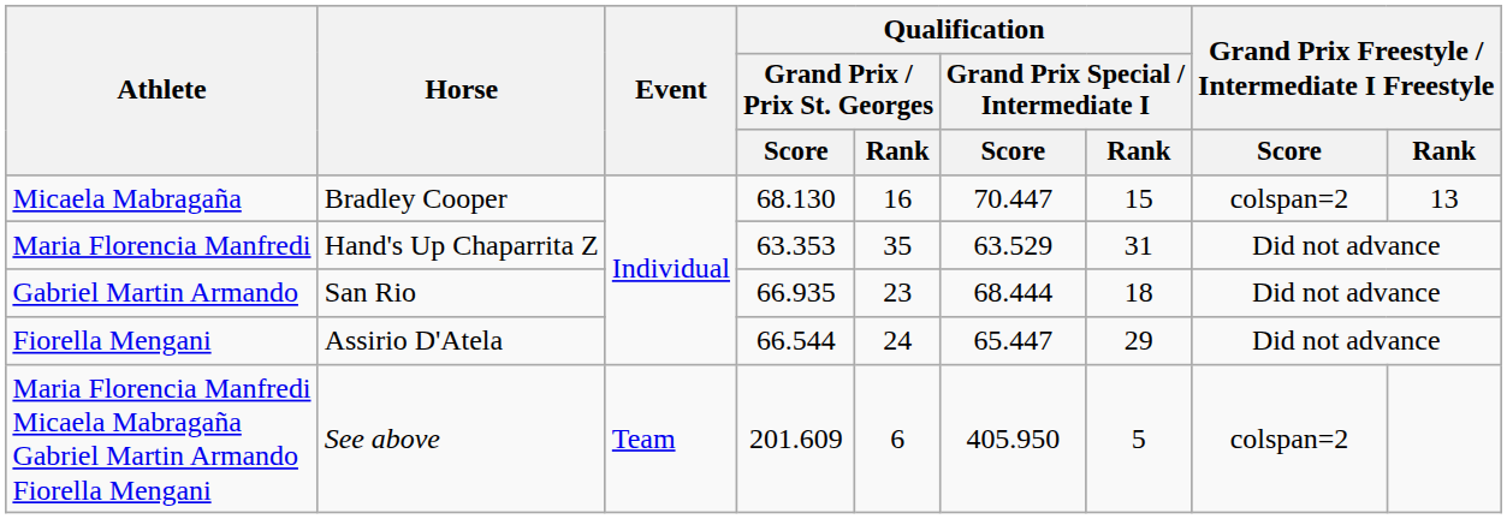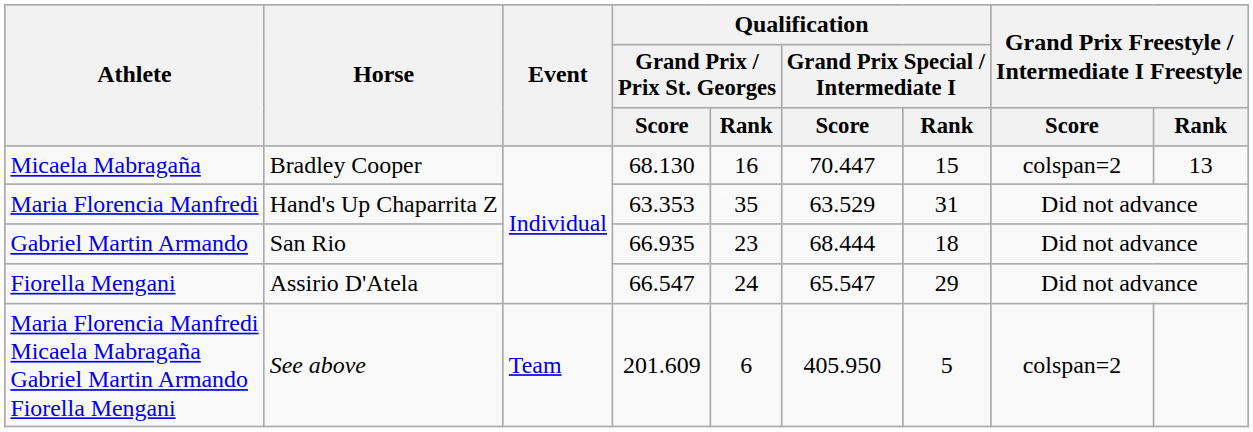 <table class=wikitable style=font-size:90%;text-align:center>
 <tr>
 <th rowspan=3>Athlete</th>
 <th rowspan=3>Horse</th>
 <th rowspan=3>Event</th>
 <th colspan=4>Qualification</th>
 <th colspan=2 rowspan=2>Grand Prix Freestyle /<br>Intermediate I Freestyle</th>
 </tr>
 <tr style=font-size:95%>
 <th colspan=2>Grand Prix /<br>Prix St. Georges</th>
 <th colspan=2>Grand Prix Special /<br>Intermediate I</th>
 </tr>
 <tr style=font-size:95%>
 <th>Score</th>
 <th>Rank</th>
 <th>Score</th>
 <th>Rank</th>
 <th>Score</th>
 <th>Rank</th>
 </tr>
 <tr>
 <td align=left><a href='#'>Micaela Mabragaña</a></td>
 <td align=left>Bradley Cooper</td>
 <td align=left rowspan=4><a href='#'>Individual</a></td>
 <td>68.130</td>
 <td>16</td>
 <td>70.447</td>
 <td>15</td>
 <td>colspan=2 </td>
 <td>13</td>
 </tr>
 <tr>
 <td align=left><a href='#'>Maria Florencia Manfredi</a></td>
 <td align=left>Hand's Up Chaparrita Z</td>
 <td>63.353</td>
 <td>35</td>
 <td>63.529</td>
 <td>31</td>
 <td colspan=2>Did not advance</td>
 </tr>
 <tr>
 <td align=left><a href='#'>Gabriel Martin Armando</a></td>
 <td align=left>San Rio</td>
 <td>66.935</td>
 <td>23</td>
 <td>68.444</td>
 <td>18</td>
 <td colspan=2>Did not advance</td>
 </tr>
 <tr>
 <td align=left><a href='#'>Fiorella Mengani</a></td>
 <td align=left>Assirio D'Atela</td>
-<td>66.544</td>
+<td>66.547</td>
 <td>24</td>
-<td>65.447</td>
+<td>65.547</td>
 <td>29</td>
 <td colspan=2>Did not advance</td>
 </tr>
 <tr>
 <td align=left><a href='#'>Maria Florencia Manfredi</a><br><a href='#'>Micaela Mabragaña</a><br><a href='#'>Gabriel Martin Armando</a><br><a href='#'>Fiorella Mengani</a></td>
 <td align=left><em>See above</em></td>
 <td align=left><a href='#'>Team</a></td>
 <td>201.609</td>
 <td>6</td>
 <td>405.950</td>
 <td>5</td>
 <td>colspan=2 </td>
 </tr>
 </table>
